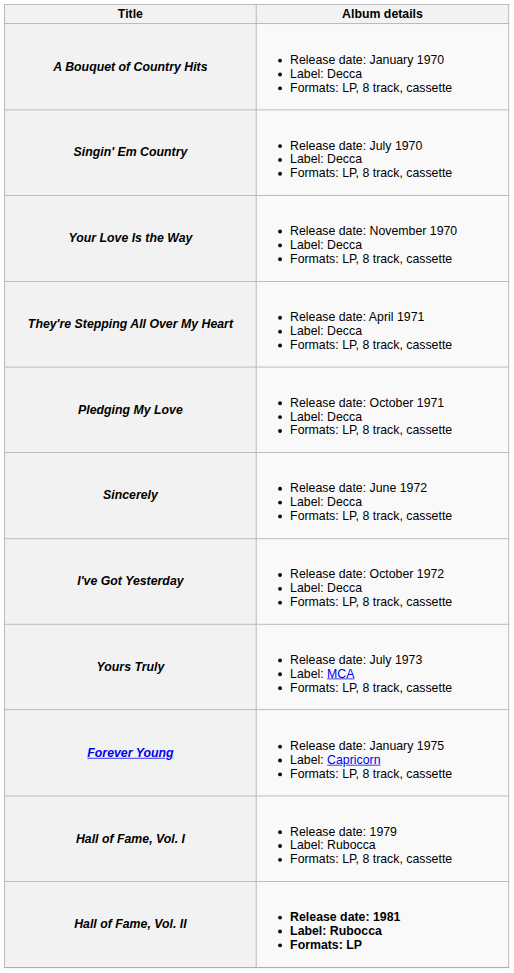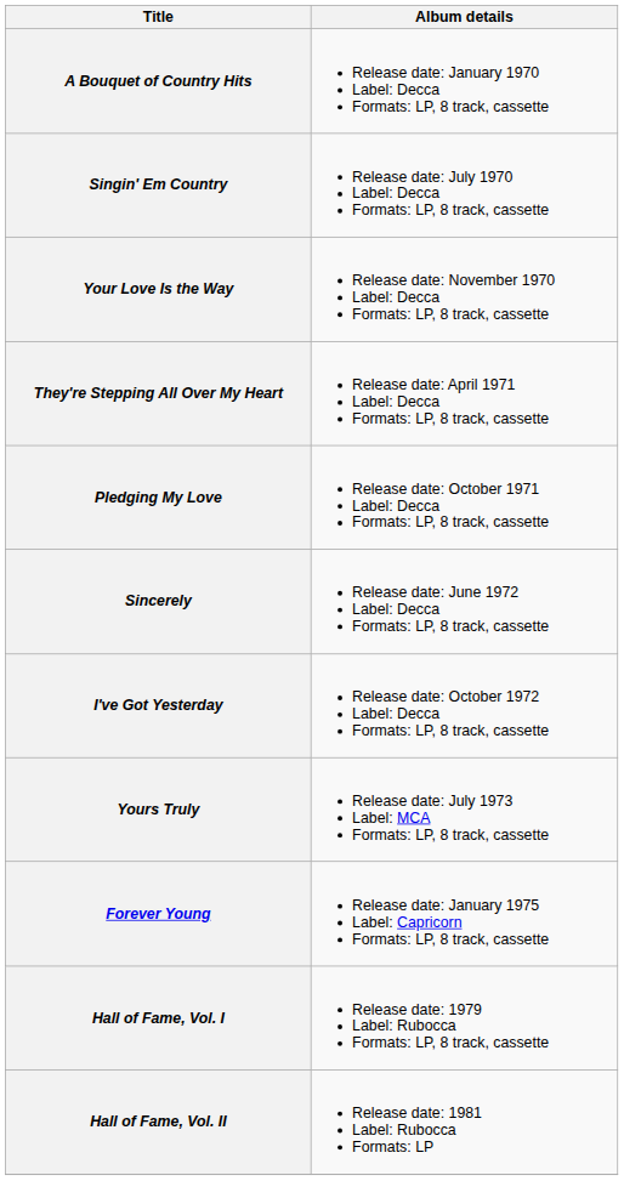 <table class="wikitable plainrowheaders" style="text-align:center;">
 <tr>
 <th scope="col" style="width:20em;">Title</th>
 <th scope="col" style="width:20em;">Album details</th>
 </tr>
 <tr>
 <th scope="row"><em>A Bouquet of Country Hits</em></th>
 <td align="left"><br><ul><li>Release date: January 1970</li><li>Label: Decca</li><li>Formats: LP, 8 track, cassette</li></ul></td>
 </tr>
 <tr>
 <th scope="row"><em>Singin' Em Country</em></th>
 <td align="left"><br><ul><li>Release date: July 1970</li><li>Label: Decca</li><li>Formats: LP, 8 track, cassette</li></ul></td>
 </tr>
 <tr>
 <th scope="row"><em>Your Love Is the Way</em></th>
 <td align="left"><br><ul><li>Release date: November 1970</li><li>Label: Decca</li><li>Formats: LP, 8 track, cassette</li></ul></td>
 </tr>
 <tr>
 <th scope="row"><em>They're Stepping All Over My Heart</em></th>
 <td align="left"><br><ul><li>Release date: April 1971</li><li>Label: Decca</li><li>Formats: LP, 8 track, cassette</li></ul></td>
 </tr>
 <tr>
 <th scope="row"><em>Pledging My Love</em></th>
 <td align="left"><br><ul><li>Release date: October 1971</li><li>Label: Decca</li><li>Formats: LP, 8 track, cassette</li></ul></td>
 </tr>
 <tr>
 <th scope="row"><em>Sincerely</em></th>
 <td align="left"><br><ul><li>Release date: June 1972</li><li>Label: Decca</li><li>Formats: LP, 8 track, cassette</li></ul></td>
 </tr>
 <tr>
 <th scope="row"><em>I've Got Yesterday</em></th>
 <td align="left"><br><ul><li>Release date: October 1972</li><li>Label: Decca</li><li>Formats: LP, 8 track, cassette</li></ul></td>
 </tr>
 <tr>
 <th scope="row"><em>Yours Truly</em></th>
 <td align="left"><br><ul><li>Release date: July 1973</li><li>Label: <a href='#'>MCA</a></li><li>Formats: LP, 8 track, cassette</li></ul></td>
 </tr>
 <tr>
 <th scope="row"><em><a href='#'>Forever Young</a></em></th>
 <td align="left"><br><ul><li>Release date: January 1975</li><li>Label: <a href='#'>Capricorn</a></li><li>Formats: LP, 8 track, cassette</li></ul></td>
 </tr>
 <tr>
 <th scope="row"><em>Hall of Fame, Vol. I</em></th>
 <td align="left"><br><ul><li>Release date: 1979</li><li>Label: Rubocca</li><li>Formats: LP, 8 track, cassette</li></ul></td>
 </tr>
 <tr>
 <th scope="row"><em>Hall of Fame, Vol. II</em></th>
-<td align="left"><strong><br><ul><li>Release date: 1981</li><li>Label: Rubocca</li><li>Formats: LP</li></ul></strong></td>
+<td align="left"><br><ul><li>Release date: 1981</li><li>Label: Rubocca</li><li>Formats: LP</li></ul></td>
 </tr>
 <tr>
 </tr>
 </table>
